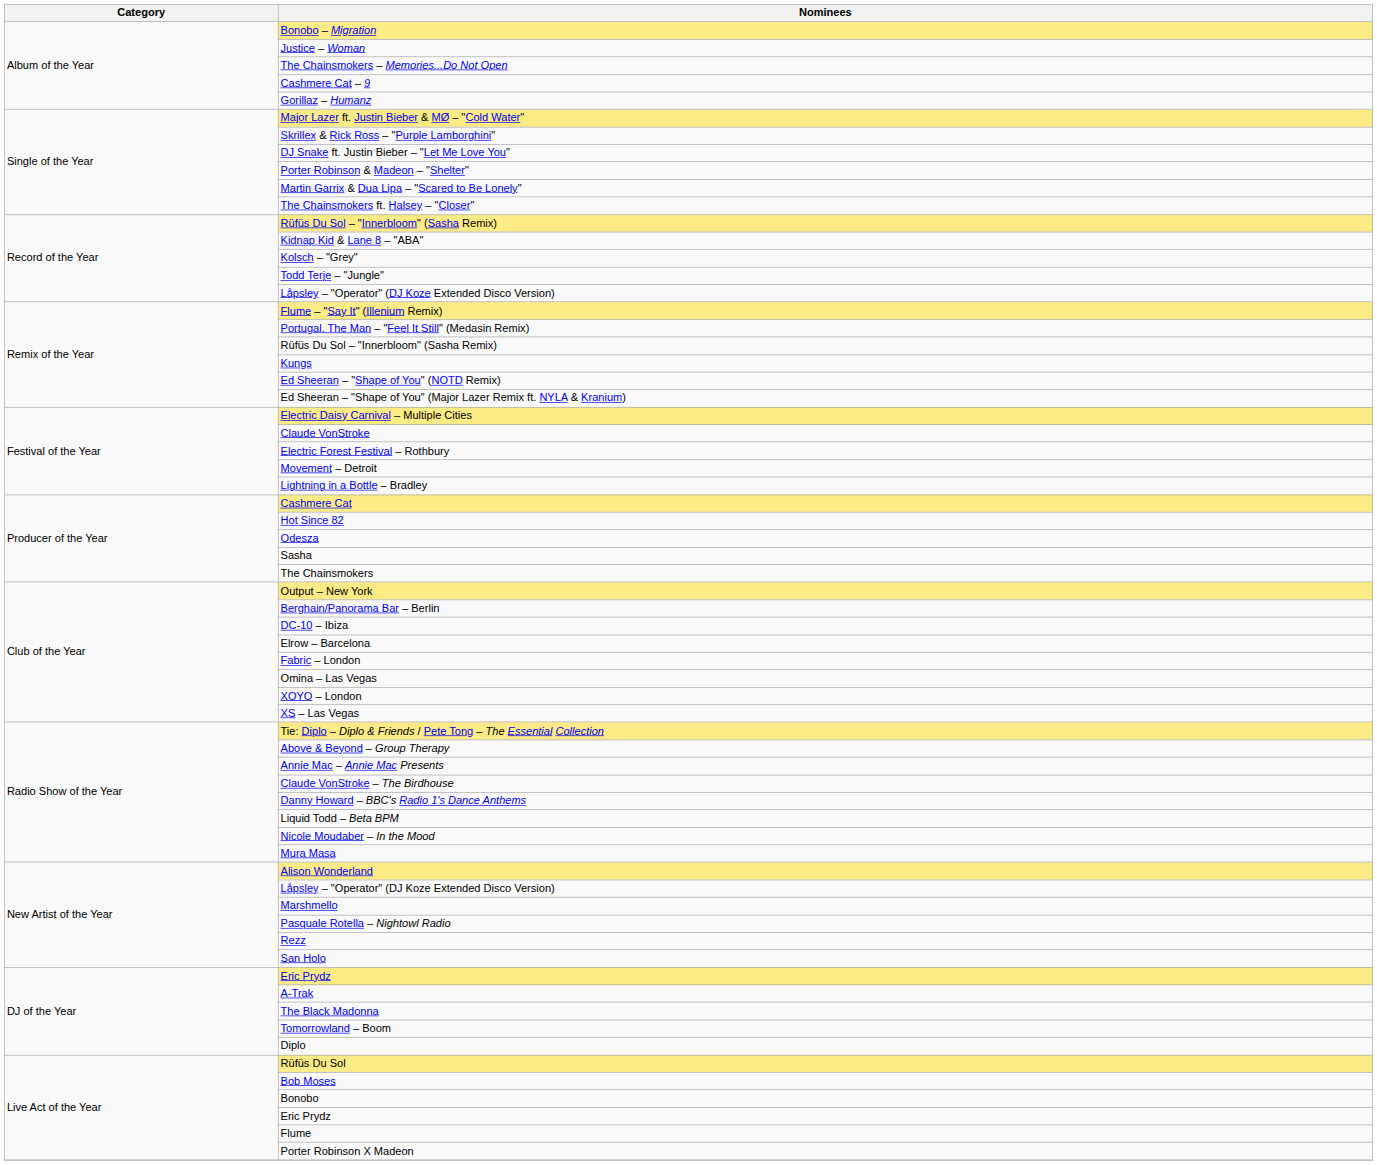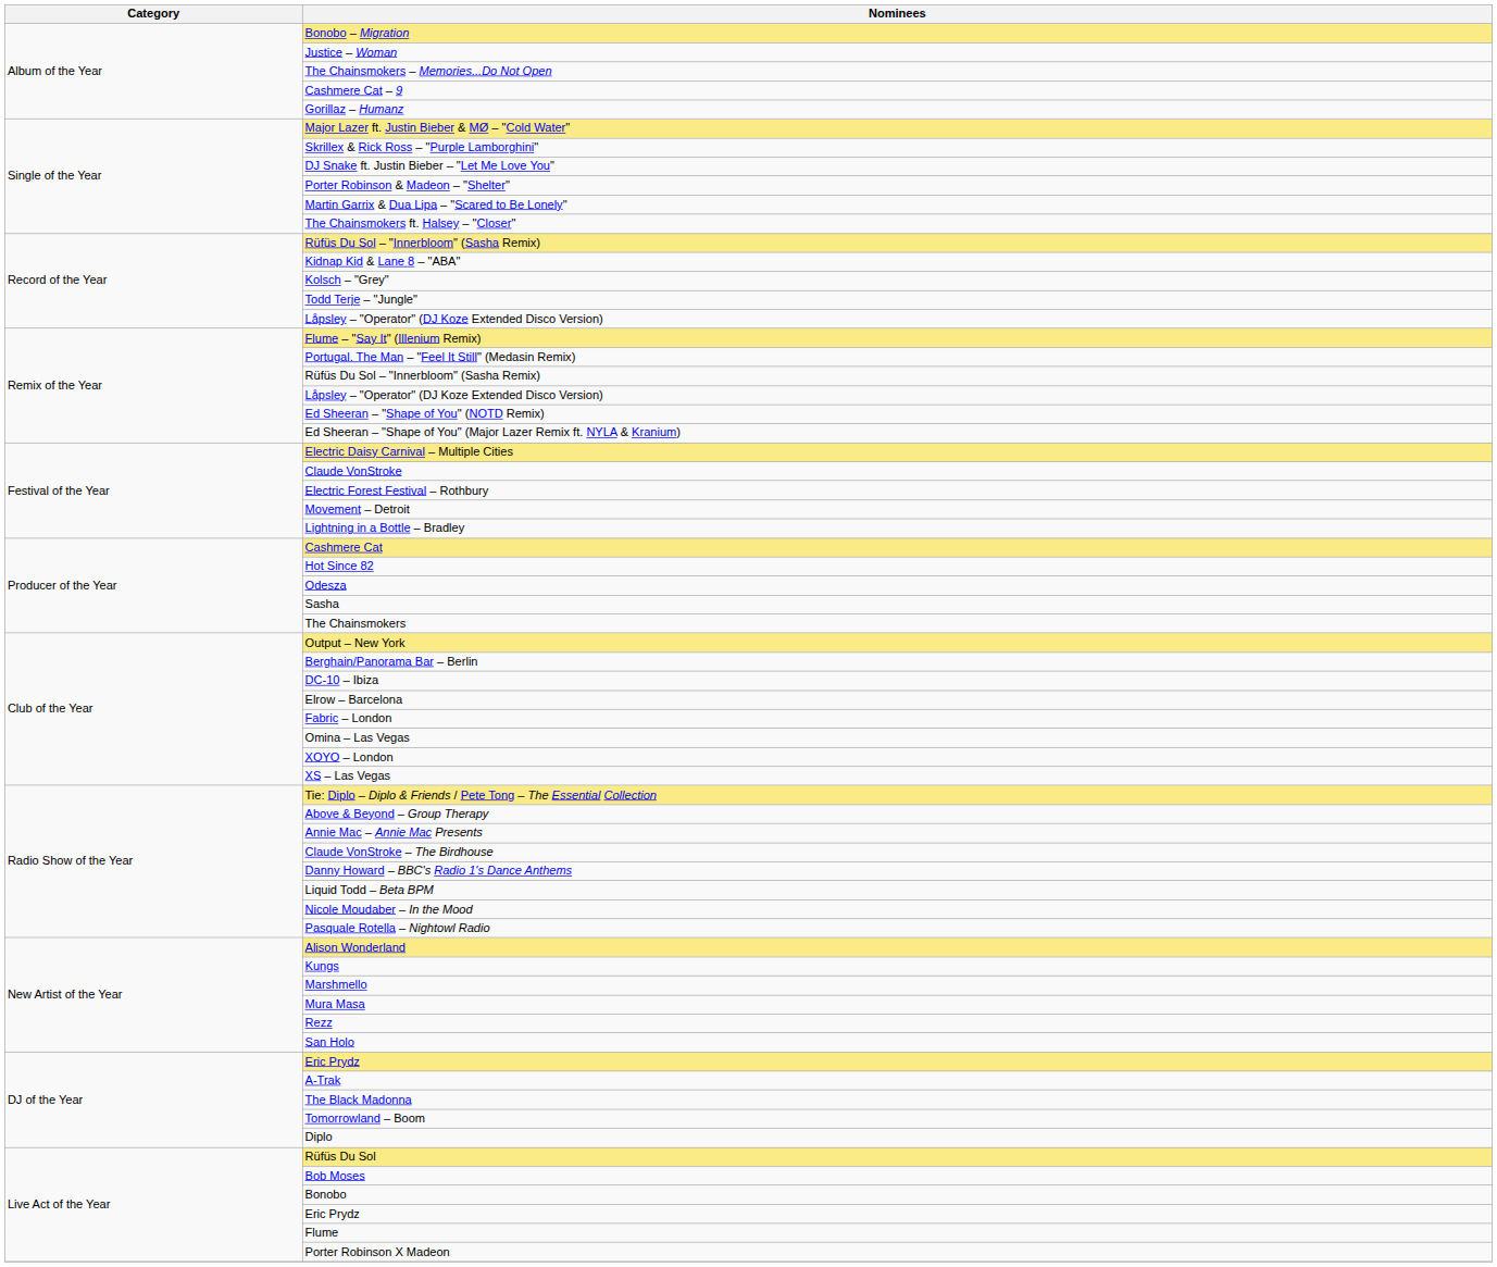 <table class="wikitable" style="width:100%;">
 <tr>
 <th style="width:20%;">Category</th>
 <th style="width:80%;">Nominees</th>
 </tr>
 <tr>
 <td rowspan="5">Album of the Year</td>
 <td style="background:#FAEB86;"><a href='#'>Bonobo</a> – <em><a href='#'>Migration</a></em></td>
 </tr>
 <tr>
 <td><a href='#'>Justice</a> – <em><a href='#'>Woman</a></em></td>
 </tr>
 <tr>
 <td><a href='#'>The Chainsmokers</a> – <em><a href='#'>Memories...Do Not Open</a></em></td>
 </tr>
 <tr>
 <td><a href='#'>Cashmere Cat</a> – <em><a href='#'>9</a></em></td>
 </tr>
 <tr>
 <td><a href='#'>Gorillaz</a> – <em><a href='#'>Humanz</a></em></td>
 </tr>
 <tr>
 <td rowspan="6">Single of the Year</td>
 <td style="background:#FAEB86;"><a href='#'>Major Lazer</a> ft. <a href='#'>Justin Bieber</a> & <a href='#'>MØ</a> – "<a href='#'>Cold Water</a>"</td>
 </tr>
 <tr>
 <td><a href='#'>Skrillex</a> & <a href='#'>Rick Ross</a> – "<a href='#'>Purple Lamborghini</a>"</td>
 </tr>
 <tr>
 <td><a href='#'>DJ Snake</a> ft. Justin Bieber – "<a href='#'>Let Me Love You</a>"</td>
 </tr>
 <tr>
 <td><a href='#'>Porter Robinson</a> & <a href='#'>Madeon</a> – "<a href='#'>Shelter</a>"</td>
 </tr>
 <tr>
 <td><a href='#'>Martin Garrix</a> & <a href='#'>Dua Lipa</a> – "<a href='#'>Scared to Be Lonely</a>"</td>
 </tr>
 <tr>
 <td><a href='#'>The Chainsmokers</a> ft. <a href='#'>Halsey</a> – "<a href='#'>Closer</a>"</td>
 </tr>
 <tr>
 <td rowspan="5">Record of the Year</td>
 <td style="background:#FAEB86;"><a href='#'>Rüfüs Du Sol</a> – "<a href='#'>Innerbloom</a>" (<a href='#'>Sasha</a> Remix)</td>
 </tr>
 <tr>
 <td><a href='#'>Kidnap Kid</a> & <a href='#'>Lane 8</a> – "ABA"</td>
 </tr>
 <tr>
 <td><a href='#'>Kolsch</a> – "Grey"</td>
 </tr>
 <tr>
 <td><a href='#'>Todd Terje</a> – "Jungle"</td>
 </tr>
 <tr>
 <td><a href='#'>Låpsley</a> – "Operator" (<a href='#'>DJ Koze</a> Extended Disco Version)</td>
 </tr>
 <tr>
 <td rowspan="6">Remix of the Year</td>
 <td style="background:#FAEB86;"><a href='#'>Flume</a> – "<a href='#'>Say It</a>" (<a href='#'>Illenium</a> Remix)</td>
 </tr>
 <tr>
 <td><a href='#'>Portugal. The Man</a> – "<a href='#'>Feel It Still</a>" (Medasin Remix)</td>
 </tr>
 <tr>
 <td>Rüfüs Du Sol – "Innerbloom" (Sasha Remix)</td>
 </tr>
 <tr>
-<td><a href='#'>Kungs</a></td>
+<td><a href='#'>Låpsley</a> – "Operator" (DJ Koze Extended Disco Version)</td>
 </tr>
 <tr>
 <td><a href='#'>Ed Sheeran</a> – "<a href='#'>Shape of You</a>" (<a href='#'>NOTD</a> Remix)</td>
 </tr>
 <tr>
 <td>Ed Sheeran – "Shape of You" (Major Lazer Remix ft. <a href='#'>NYLA</a> & <a href='#'>Kranium</a>)</td>
 </tr>
 <tr>
 <td rowspan="5">Festival of the Year</td>
 <td style="background:#FAEB86;"><a href='#'>Electric Daisy Carnival</a> – Multiple Cities</td>
 </tr>
 <tr>
 <td><a href='#'>Claude VonStroke</a></td>
 </tr>
 <tr>
 <td><a href='#'>Electric Forest Festival</a> – Rothbury</td>
 </tr>
 <tr>
 <td><a href='#'>Movement</a> – Detroit</td>
 </tr>
 <tr>
 <td><a href='#'>Lightning in a Bottle</a> – Bradley</td>
 </tr>
 <tr>
 <td rowspan="5">Producer of the Year</td>
 <td style="background:#FAEB86;"><a href='#'>Cashmere Cat</a></td>
 </tr>
 <tr>
 <td><a href='#'>Hot Since 82</a></td>
 </tr>
 <tr>
 <td><a href='#'>Odesza</a></td>
 </tr>
 <tr>
 <td>Sasha</td>
 </tr>
 <tr>
 <td>The Chainsmokers</td>
 </tr>
 <tr>
 <td rowspan="8">Club of the Year</td>
 <td style="background:#FAEB86;">Output – New York</td>
 </tr>
 <tr>
 <td><a href='#'>Berghain/Panorama Bar</a> – Berlin</td>
 </tr>
 <tr>
 <td><a href='#'>DC-10</a> – Ibiza</td>
 </tr>
 <tr>
 <td>Elrow – Barcelona</td>
 </tr>
 <tr>
 <td><a href='#'>Fabric</a> – London</td>
 </tr>
 <tr>
 <td>Omina – Las Vegas</td>
 </tr>
 <tr>
 <td><a href='#'>XOYO</a> – London</td>
 </tr>
 <tr>
 <td><a href='#'>XS</a> – Las Vegas</td>
 </tr>
 <tr>
 <td rowspan="8">Radio Show of the Year</td>
 <td style="background:#FAEB86;">Tie: <a href='#'>Diplo</a> – <em>Diplo & Friends</em> / <a href='#'>Pete Tong</a> – <em>The <a href='#'>Essential</a> <a href='#'>Collection</a></em></td>
 </tr>
 <tr>
 <td><a href='#'>Above & Beyond</a> – <em>Group Therapy</em></td>
 </tr>
 <tr>
 <td><a href='#'>Annie Mac</a> – <em><a href='#'>Annie Mac</a> Presents</em></td>
 </tr>
 <tr>
 <td><a href='#'>Claude VonStroke</a> – <em>The Birdhouse</em></td>
 </tr>
 <tr>
 <td><a href='#'>Danny Howard</a> – <em>BBC's <a href='#'>Radio 1's Dance Anthems</a></em></td>
 </tr>
 <tr>
 <td>Liquid Todd – <em>Beta BPM</em></td>
 </tr>
 <tr>
 <td><a href='#'>Nicole Moudaber</a> – <em>In the Mood</em></td>
 </tr>
 <tr>
-<td><a href='#'>Mura Masa</a></td>
+<td><a href='#'>Pasquale Rotella</a> – <em>Nightowl Radio</em></td>
 </tr>
 <tr>
 <td rowspan="6">New Artist of the Year</td>
 <td style="background:#FAEB86;"><a href='#'>Alison Wonderland</a></td>
 </tr>
 <tr>
-<td><a href='#'>Låpsley</a> – "Operator" (DJ Koze Extended Disco Version)</td>
+<td><a href='#'>Kungs</a></td>
 </tr>
 <tr>
 <td><a href='#'>Marshmello</a></td>
 </tr>
 <tr>
-<td><a href='#'>Pasquale Rotella</a> – <em>Nightowl Radio</em></td>
+<td><a href='#'>Mura Masa</a></td>
 </tr>
 <tr>
 <td><a href='#'>Rezz</a></td>
 </tr>
 <tr>
 <td><a href='#'>San Holo</a></td>
 </tr>
 <tr>
 <td rowspan="5">DJ of the Year</td>
 <td style="background:#FAEB86;"><a href='#'>Eric Prydz</a></td>
 </tr>
 <tr>
 <td><a href='#'>A-Trak</a></td>
 </tr>
 <tr>
 <td><a href='#'>The Black Madonna</a></td>
 </tr>
 <tr>
 <td><a href='#'>Tomorrowland</a> – Boom</td>
 </tr>
 <tr>
 <td>Diplo</td>
 </tr>
 <tr>
 <td rowspan="6">Live Act of the Year</td>
 <td style="background:#FAEB86;">Rüfüs Du Sol</td>
 </tr>
 <tr>
 <td><a href='#'>Bob Moses</a></td>
 </tr>
 <tr>
 <td>Bonobo</td>
 </tr>
 <tr>
 <td>Eric Prydz</td>
 </tr>
 <tr>
 <td>Flume</td>
 </tr>
 <tr>
 <td>Porter Robinson X Madeon</td>
 </tr>
 <tr>
 </tr>
 </table>
